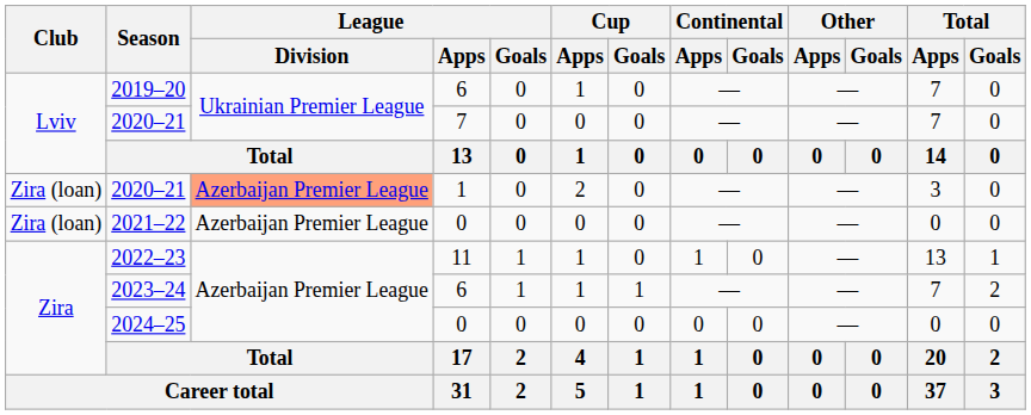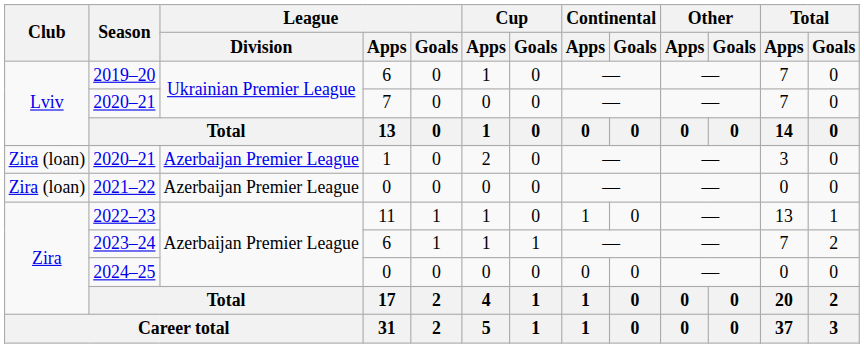 <table class="wikitable" style="text-align: center">
 <tr>
 <th rowspan="2">Club</th>
 <th rowspan="2">Season</th>
 <th colspan="3">League</th>
 <th colspan="2">Cup</th>
 <th colspan="2">Continental</th>
 <th colspan="2">Other</th>
 <th colspan="2">Total</th>
 </tr>
 <tr>
 <th>Division</th>
 <th>Apps</th>
 <th>Goals</th>
 <th>Apps</th>
 <th>Goals</th>
 <th>Apps</th>
 <th>Goals</th>
 <th>Apps</th>
 <th>Goals</th>
 <th>Apps</th>
 <th>Goals</th>
 </tr>
 <tr>
 <td rowspan="3"><a href='#'>Lviv</a></td>
 <td><a href='#'>2019–20</a></td>
 <td rowspan="2"><a href='#'>Ukrainian Premier League</a></td>
 <td>6</td>
 <td>0</td>
 <td>1</td>
 <td>0</td>
 <td colspan="2">—</td>
 <td colspan="2">—</td>
 <td>7</td>
 <td>0</td>
 </tr>
 <tr>
 <td><a href='#'>2020–21</a></td>
 <td>7</td>
 <td>0</td>
 <td>0</td>
 <td>0</td>
 <td colspan="2">—</td>
 <td colspan="2">—</td>
 <td>7</td>
 <td>0</td>
 </tr>
 <tr>
 <th colspan="2"><strong>Total</strong></th>
 <th>13</th>
 <th>0</th>
 <th>1</th>
 <th>0</th>
 <th>0</th>
 <th>0</th>
 <th>0</th>
 <th>0</th>
 <th>14</th>
 <th>0</th>
 </tr>
 <tr>
 <td><a href='#'>Zira</a> (loan)</td>
 <td><a href='#'>2020–21</a></td>
-<td style="background: lightsalmon;"><a href='#'>Azerbaijan Premier League</a></td>
+<td><a href='#'>Azerbaijan Premier League</a></td>
 <td>1</td>
 <td>0</td>
 <td>2</td>
 <td>0</td>
 <td colspan="2">—</td>
 <td colspan="2">—</td>
 <td>3</td>
 <td>0</td>
 </tr>
 <tr>
 <td><a href='#'>Zira</a> (loan)</td>
 <td><a href='#'>2021–22</a></td>
 <td>Azerbaijan Premier League</td>
 <td>0</td>
 <td>0</td>
 <td>0</td>
 <td>0</td>
 <td colspan="2">—</td>
 <td colspan="2">—</td>
 <td>0</td>
 <td>0</td>
 </tr>
 <tr>
 <td rowspan="4"><a href='#'>Zira</a></td>
 <td><a href='#'>2022–23</a></td>
 <td rowspan="3">Azerbaijan Premier League</td>
 <td>11</td>
 <td>1</td>
 <td>1</td>
 <td>0</td>
 <td>1</td>
 <td>0</td>
 <td colspan="2">—</td>
 <td>13</td>
 <td>1</td>
 </tr>
 <tr>
 <td><a href='#'>2023–24</a></td>
 <td>6</td>
 <td>1</td>
 <td>1</td>
 <td>1</td>
 <td colspan="2">—</td>
 <td colspan="2">—</td>
 <td>7</td>
 <td>2</td>
 </tr>
 <tr>
 <td><a href='#'>2024–25</a></td>
 <td>0</td>
 <td>0</td>
 <td>0</td>
 <td>0</td>
 <td>0</td>
 <td>0</td>
 <td colspan="2">—</td>
 <td>0</td>
 <td>0</td>
 </tr>
 <tr>
 <th colspan="2"><strong>Total</strong></th>
 <th>17</th>
 <th>2</th>
 <th>4</th>
 <th>1</th>
 <th>1</th>
 <th>0</th>
 <th>0</th>
 <th>0</th>
 <th>20</th>
 <th>2</th>
 </tr>
 <tr>
 <th colspan="3"><strong>Career total</strong></th>
 <th>31</th>
 <th>2</th>
 <th>5</th>
 <th>1</th>
 <th>1</th>
 <th>0</th>
 <th>0</th>
 <th>0</th>
 <th>37</th>
 <th>3</th>
 </tr>
 </table>
